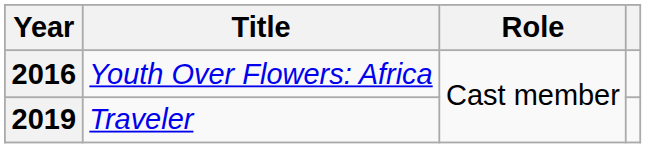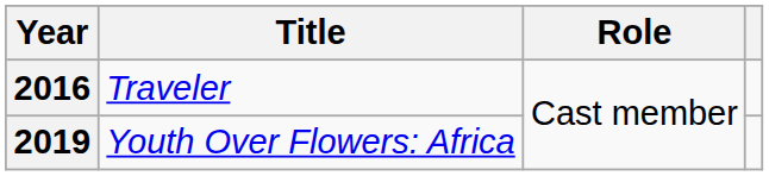 <table class="wikitable plainrowheaders sortable">
 <tr>
 <th scope="col">Year</th>
 <th scope="col">Title</th>
 <th scope="col">Role</th>
 <th scope="col" class="unsortable"></th>
 </tr>
 <tr>
 <th scope="row">2016</th>
-<td><em><a href='#'>Youth Over Flowers: Africa</a></em></td>
+<td><em><a href='#'>Traveler</a></em></td>
 <td rowspan="2">Cast member</td>
 <td style="text-align:center"></td>
 </tr>
 <tr>
 <th scope="row">2019</th>
-<td><em><a href='#'>Traveler</a></em></td>
+<td><em><a href='#'>Youth Over Flowers: Africa</a></em></td>
 <td style="text-align:center"></td>
 </tr>
 </table>
